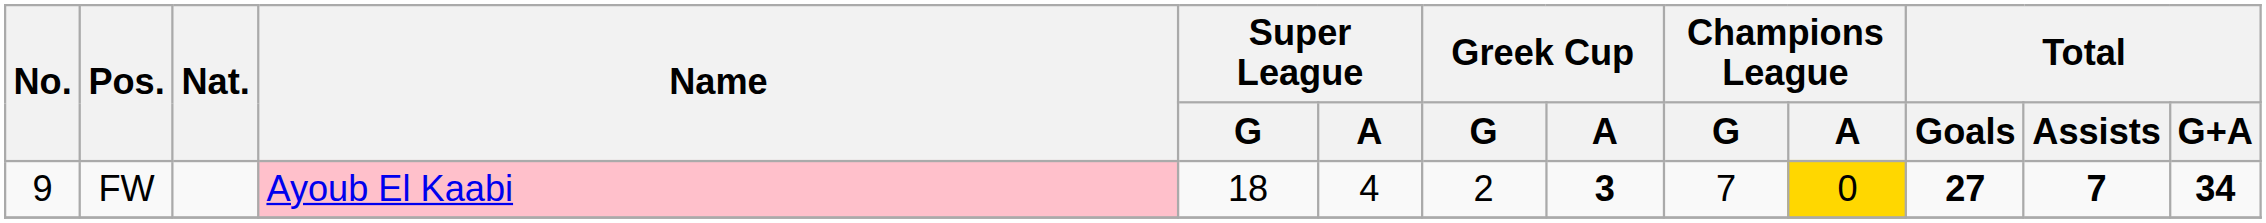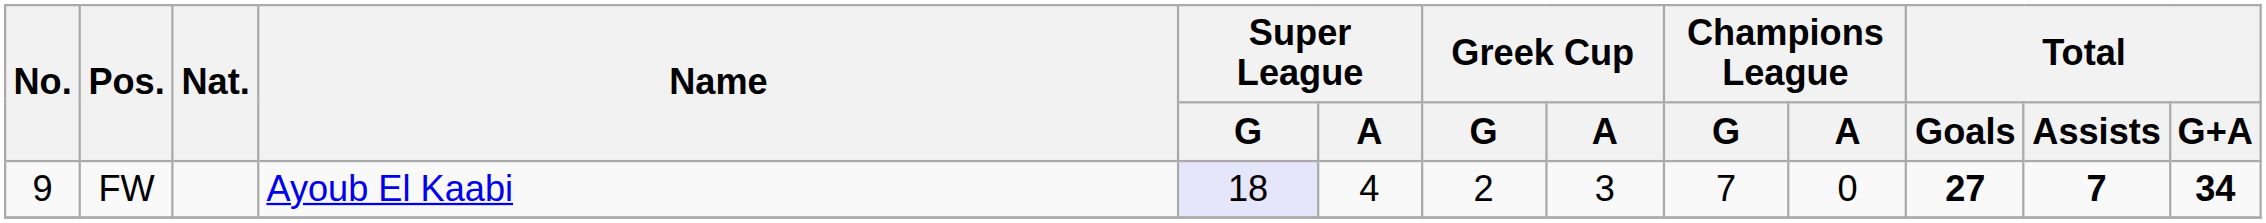 <table class="wikitable sortable" style="text-align:center">
 <tr>
 <th style="text-align:center;" rowspan="2";>No.</th>
 <th style="text-align:center;" rowspan="2";>Pos.</th>
 <th style="text-align:center;" rowspan="2";>Nat.</th>
 <th style="text-align:center; width:400px;" rowspan="2";>Name</th>
 <th style="text-align:center; width:100px;" colspan="2">Super League</th>
 <th style="text-align:center; width:100px;" colspan="2">Greek Cup</th>
 <th style="text-align:center; width:100px;" colspan="2">Champions League</th>
 <th style="text-align:center; width:100px;" colspan="3">Total</th>
 </tr>
 <tr>
 <th style="text-align:center;">G</th>
 <th style="text-align:center;">A</th>
 <th style="text-align:center;">G</th>
 <th style="text-align:center;">A</th>
 <th style="text-align:center;">G</th>
 <th style="text-align:center;">A</th>
 <th style="text-align:center;">Goals</th>
 <th style="text-align:center;">Assists</th>
 <th style="text-align:center;">G+A</th>
 </tr>
 <tr>
 <td>9</td>
 <td>FW</td>
 <td></td>
-<td align=left style="background: pink;"><a href='#'>Ayoub El Kaabi</a></td>
-<td>18</td>
+<td align=left><a href='#'>Ayoub El Kaabi</a></td>
+<td style="background: lavender;">18</td>
 <td>4</td>
 <td>2</td>
-<td><strong>3</strong></td>
+<td>3</td>
 <td>7</td>
-<td style="background: gold;">0</td>
+<td>0</td>
 <td><strong>27</strong></td>
 <td><strong>7</strong></td>
 <td><strong>34</strong></td>
 </tr>
 <tr>
 </tr>
 </table>
